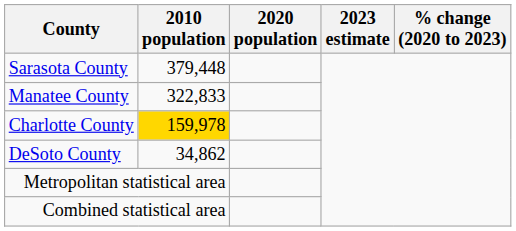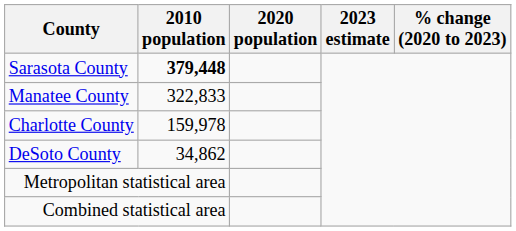 <table class="wikitable sortable">
 <tr>
 <th>County</th>
 <th>2010<br>population</th>
 <th>2020<br>population</th>
 <th>2023<br>estimate</th>
 <th>% change<br>(2020 to 2023)</th>
 </tr>
 <tr>
 <td><a href='#'>Sarasota County</a></td>
-<td align=right>379,448</td>
+<td align=right><strong>379,448</strong></td>
 <td></td>
 </tr>
 <tr>
 <td><a href='#'>Manatee County</a></td>
 <td align=right>322,833</td>
 <td></td>
 </tr>
 <tr>
 <td><a href='#'>Charlotte County</a></td>
-<td align=right style="background: gold;">159,978</td>
+<td align=right>159,978</td>
 <td></td>
 </tr>
 <tr>
 <td><a href='#'>DeSoto County</a></td>
 <td align=right>34,862</td>
 <td></td>
 </tr>
 <tr>
 <td colspan="2" align=right>Metropolitan statistical area</td>
 <td></td>
 </tr>
 <tr class="sortbottom">
 <td colspan="2" align=right>Combined statistical area</td>
 <td></td>
 </tr>
 </table>
